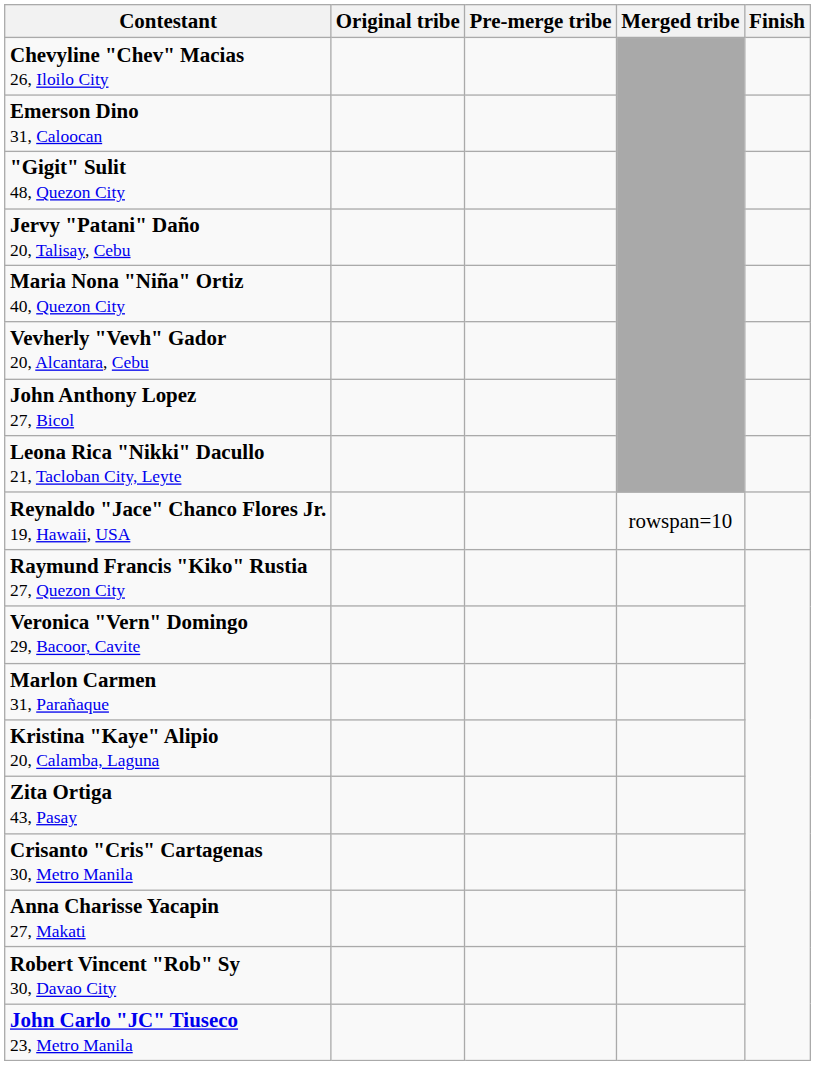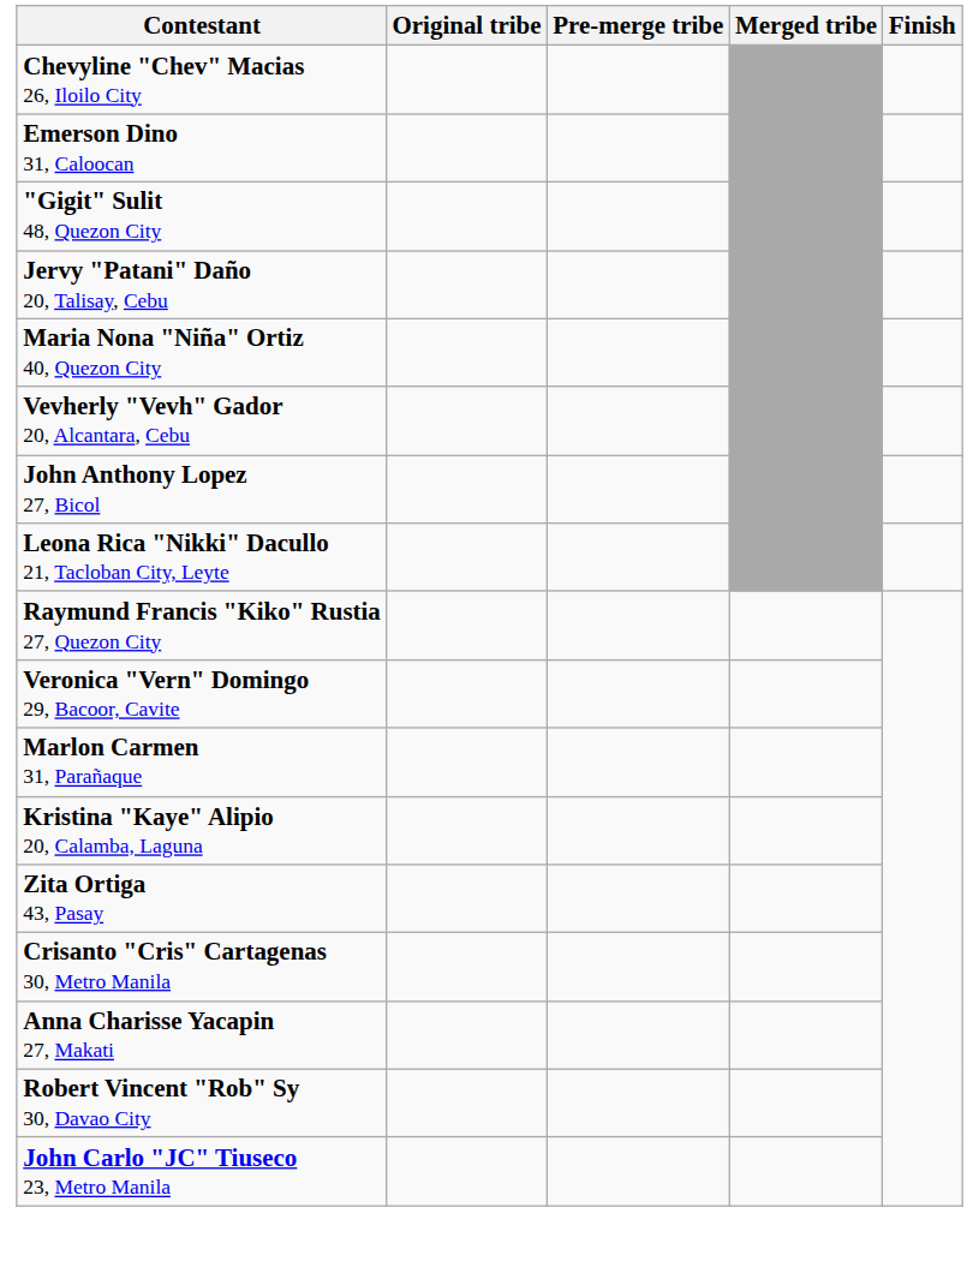 <table class="wikitable sortable nowrap" style="margin:auto; text-align:center">
 <tr>
 <th>Contestant</th>
 <th>Original tribe</th>
 <th>Pre-merge tribe</th>
 <th>Merged tribe</th>
 <th>Finish</th>
 </tr>
 <tr>
 <td align="left"><strong>Chevyline "Chev" Macias</strong> <br><small>26, <a href='#'>Iloilo City</a></small></td>
 <td></td>
 <td></td>
 <td rowspan="8" bgcolor="darkgray"></td>
 <td></td>
 </tr>
 <tr>
 <td align="left"><strong>Emerson Dino</strong> <br><small>31, <a href='#'>Caloocan</a></small></td>
 <td></td>
 <td></td>
 <td></td>
 </tr>
 <tr>
 <td align="left"><strong> "Gigit" Sulit</strong> <br><small>48, <a href='#'>Quezon City</a></small></td>
 <td></td>
 <td></td>
 <td></td>
 </tr>
 <tr>
 <td align="left"><strong>Jervy "Patani" Daño</strong> <br><small>20, <a href='#'>Talisay</a>, <a href='#'>Cebu</a></small></td>
 <td></td>
 <td></td>
 <td></td>
 </tr>
 <tr>
 <td align="left"><strong>Maria Nona "Niña" Ortiz</strong> <br><small>40, <a href='#'>Quezon City</a></small></td>
 <td></td>
 <td></td>
 <td></td>
 </tr>
 <tr>
 <td align="left"><strong>Vevherly "Vevh" Gador</strong> <br><small>20, <a href='#'>Alcantara</a>, <a href='#'>Cebu</a></small></td>
 <td></td>
 <td></td>
 <td></td>
 </tr>
 <tr>
 <td align="left"><strong>John Anthony Lopez</strong> <br><small>27, <a href='#'>Bicol</a></small></td>
 <td></td>
 <td></td>
 <td></td>
 </tr>
 <tr>
 <td align="left"><strong>Leona Rica "Nikki" Dacullo</strong> <br><small>21, <a href='#'>Tacloban City, Leyte</a></small></td>
 <td></td>
 <td></td>
 <td></td>
 </tr>
 <tr>
-<td align="left"><strong>Reynaldo "Jace" Chanco Flores Jr.</strong> <br><small>19, <a href='#'>Hawaii</a>, <a href='#'>USA</a></small></td>
-<td></td>
-<td></td>
-<td>rowspan=10 </td>
-<td></td>
-</tr>
-<tr>
 <td align="left"><strong>Raymund Francis "Kiko" Rustia</strong> <br><small>27, <a href='#'>Quezon City</a></small></td>
 <td></td>
 <td></td>
 <td></td>
 </tr>
 <tr>
 <td align="left"><strong>Veronica "Vern" Domingo</strong> <br><small>29, <a href='#'>Bacoor, Cavite</a></small></td>
 <td></td>
 <td></td>
 <td></td>
 </tr>
 <tr>
 <td align="left"><strong>Marlon Carmen</strong> <br><small>31, <a href='#'>Parañaque</a></small></td>
 <td></td>
 <td></td>
 <td></td>
 </tr>
 <tr>
 <td align="left"><strong>Kristina "Kaye" Alipio</strong> <br><small>20, <a href='#'>Calamba, Laguna</a></small></td>
 <td></td>
 <td></td>
 <td></td>
 </tr>
 <tr>
 <td align="left"><strong>Zita Ortiga</strong> <br><small>43, <a href='#'>Pasay</a></small></td>
 <td></td>
 <td></td>
 <td></td>
 </tr>
 <tr>
 <td align="left"><strong>Crisanto "Cris" Cartagenas</strong> <br><small>30, <a href='#'>Metro Manila</a></small></td>
 <td></td>
 <td></td>
 <td></td>
 </tr>
 <tr>
 <td align="left"><strong>Anna Charisse Yacapin</strong> <br><small>27, <a href='#'>Makati</a></small></td>
 <td></td>
 <td></td>
 <td></td>
 </tr>
 <tr>
 <td align="left"><strong>Robert Vincent "Rob" Sy</strong> <br><small>30, <a href='#'>Davao City</a></small></td>
 <td></td>
 <td></td>
 <td></td>
 </tr>
 <tr>
 <td align="left"><strong><a href='#'>John Carlo "JC" Tiuseco</a></strong> <br><small>23, <a href='#'>Metro Manila</a></small></td>
 <td></td>
 <td></td>
 <td></td>
 </tr>
 </table>
